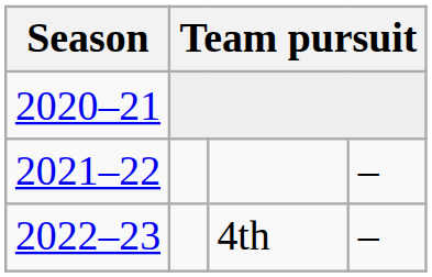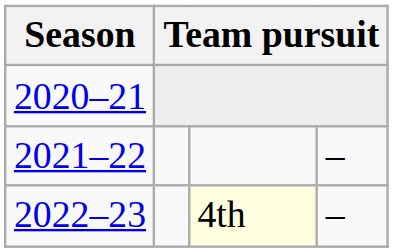 <table class="wikitable" style="display: inline-table;">
 <tr>
 <th>Season</th>
 <th colspan="7">Team pursuit</th>
 </tr>
 <tr>
 <td><a href='#'>2020–21</a></td>
 <td colspan="33" bgcolor=#EEEEEE></td>
 </tr>
 <tr>
 <td><a href='#'>2021–22</a></td>
 <td></td>
 <td></td>
 <td>–</td>
 </tr>
 <tr>
 <td><a href='#'>2022–23</a></td>
 <td></td>
-<td>4th</td>
+<td style="background: lightyellow;">4th</td>
 <td>–</td>
 </tr>
 </table>
